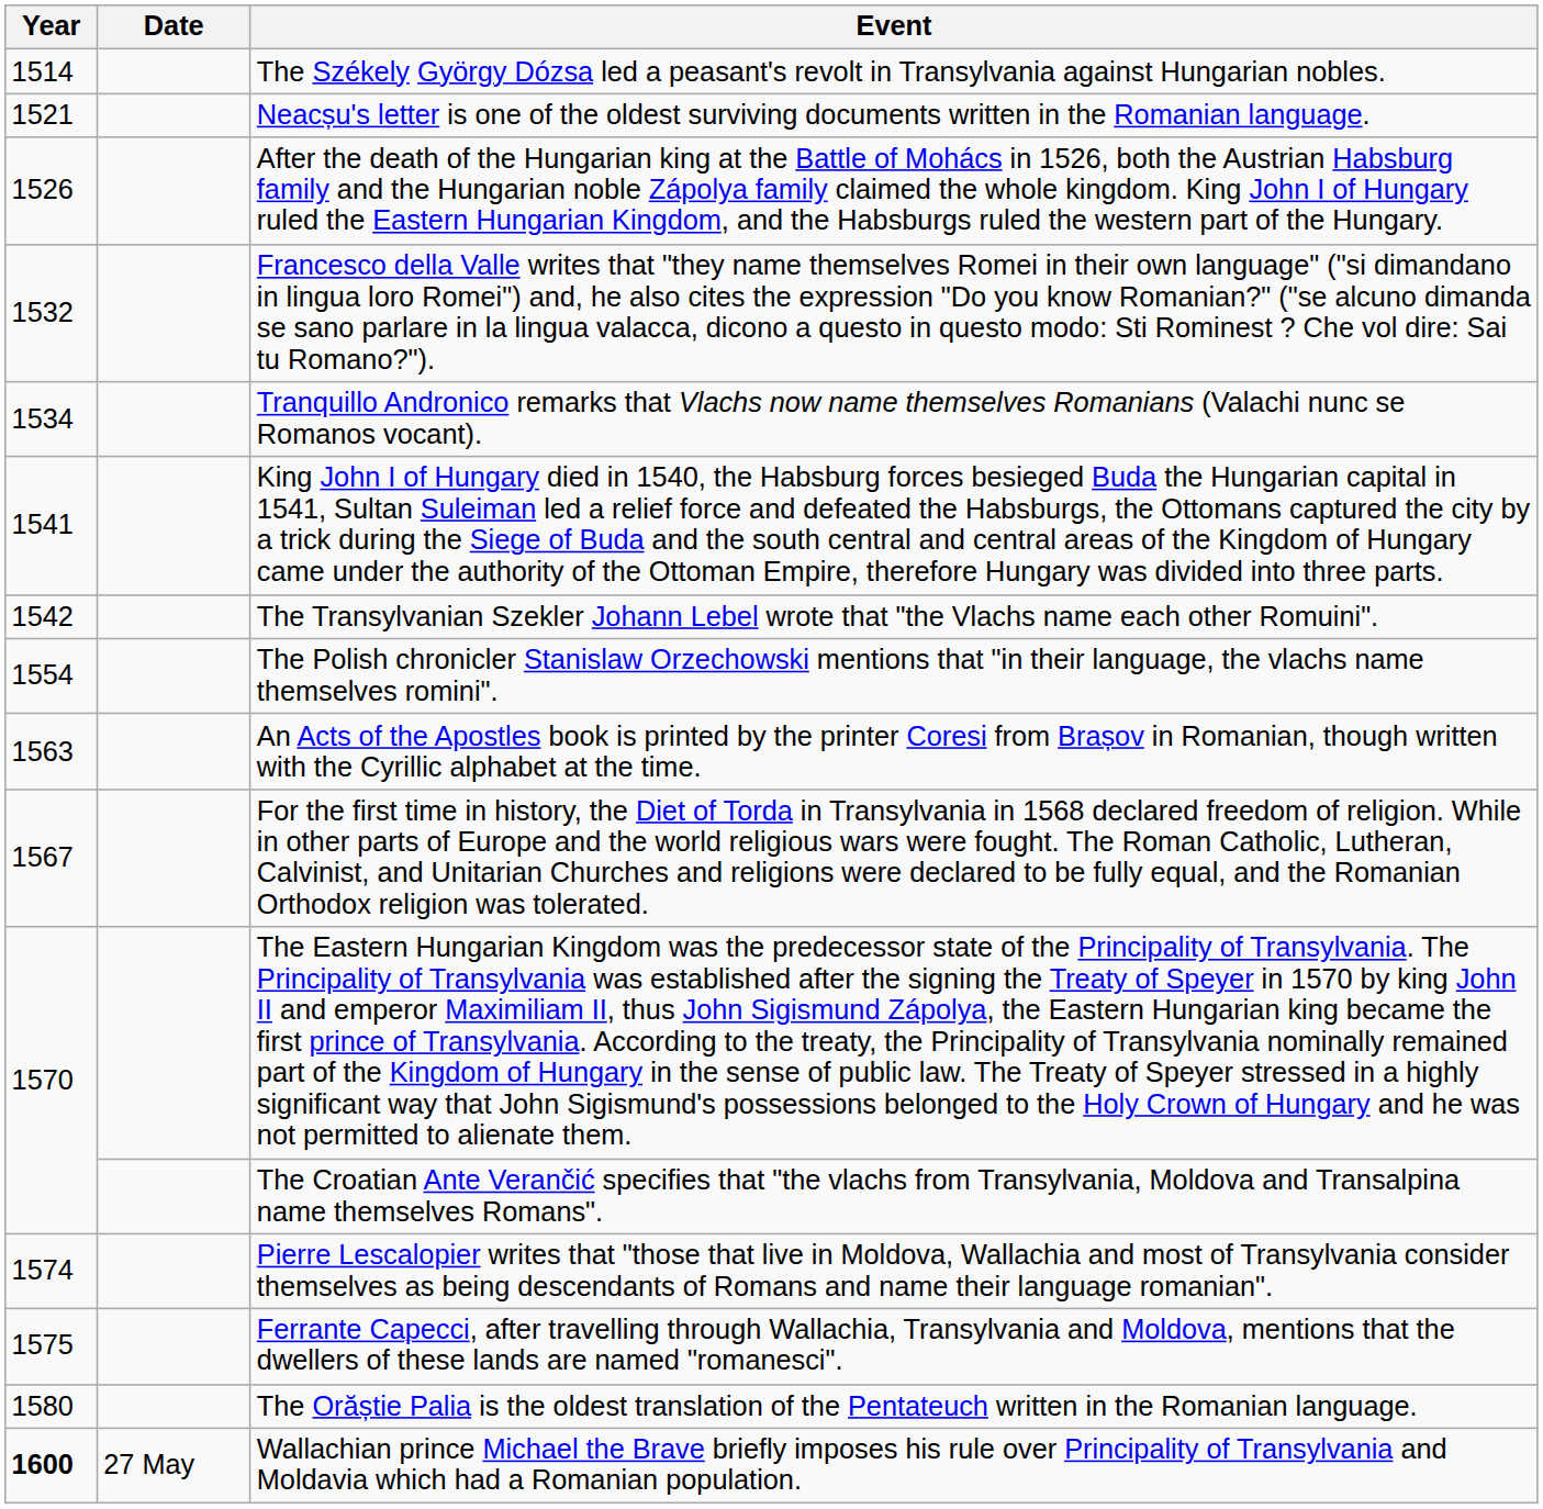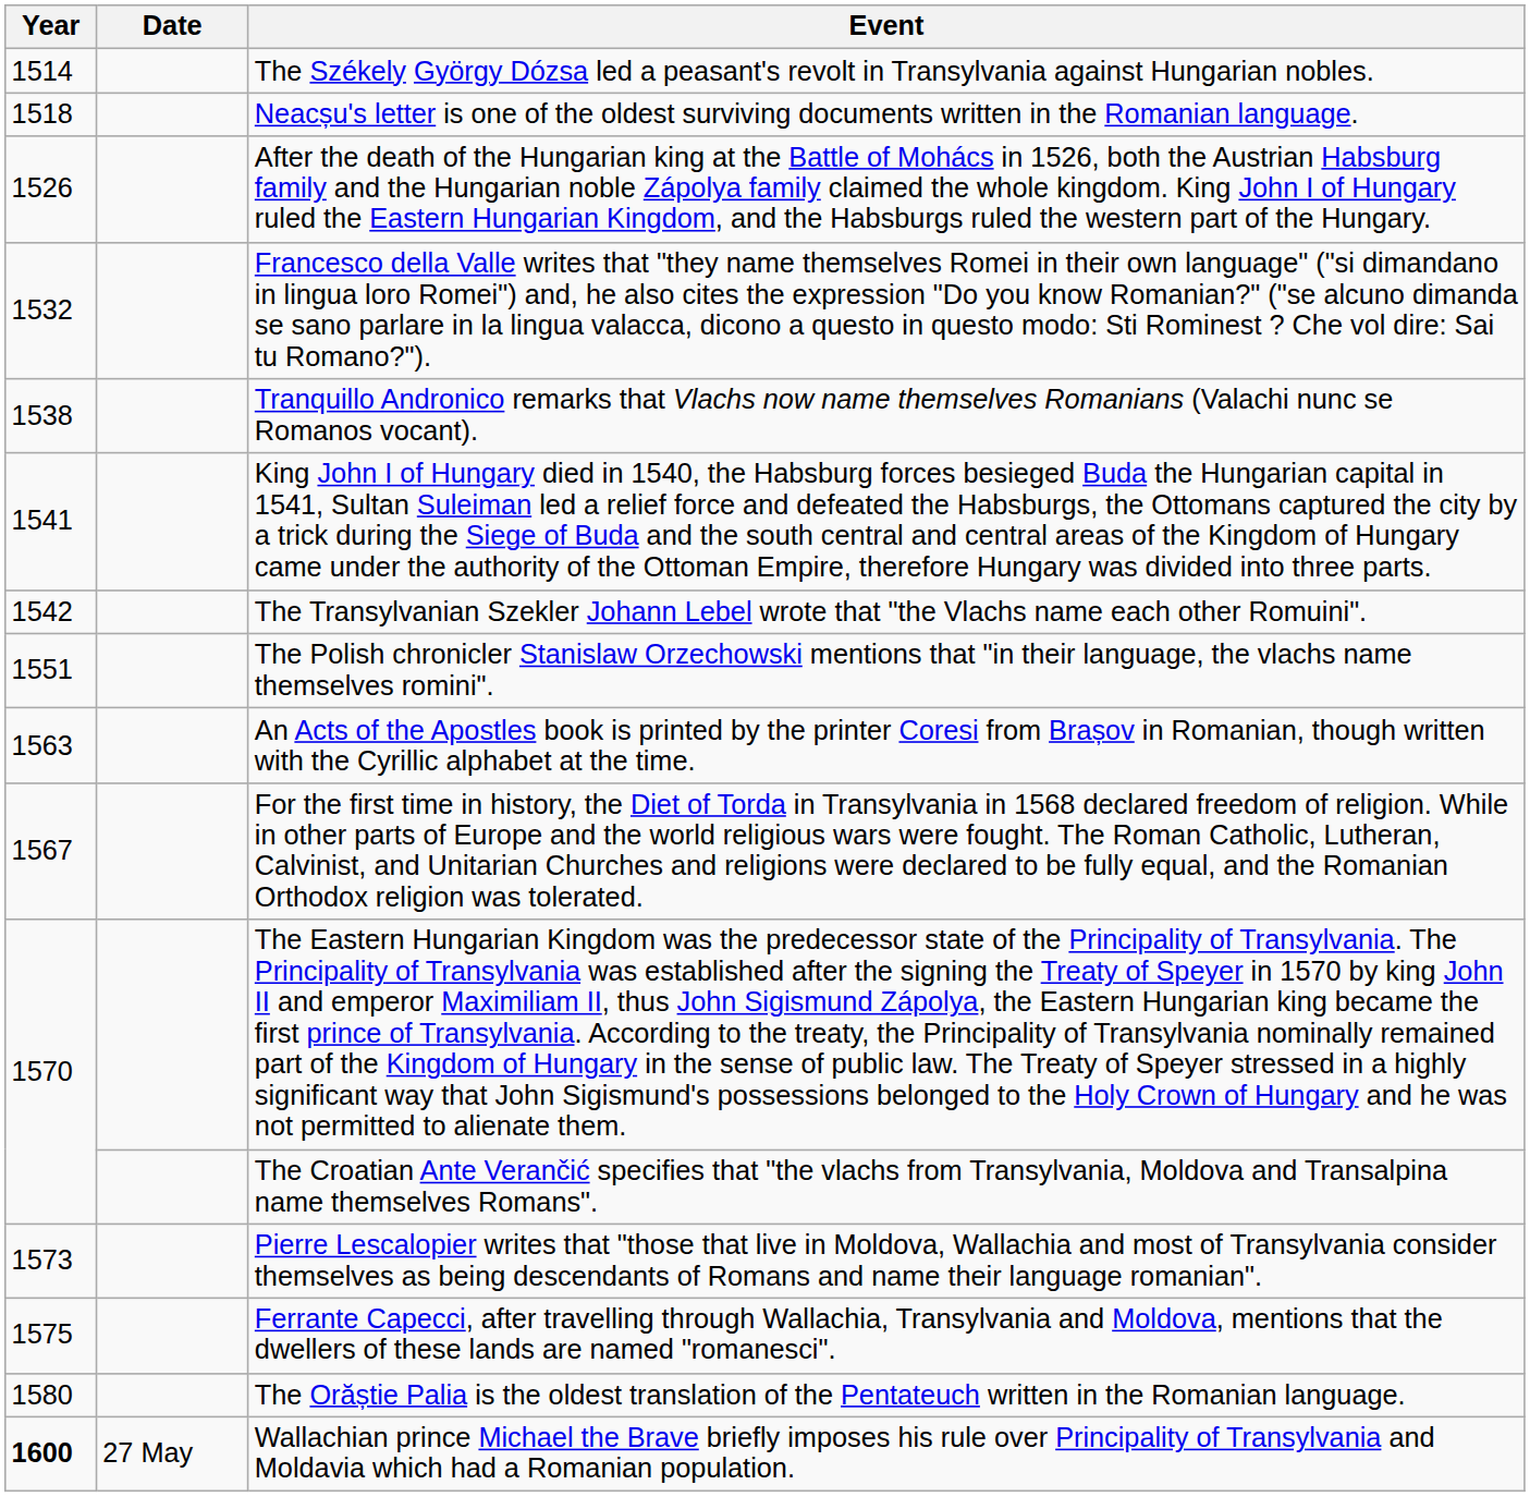 <table class="wikitable" width="100%">
 <tr>
 <th style="width:6%">Year</th>
 <th style="width:10%">Date</th>
 <th>Event</th>
 </tr>
 <tr>
 <td>1514</td>
 <td></td>
 <td>The <a href='#'>Székely</a> <a href='#'>György Dózsa</a> led a peasant's revolt in Transylvania against Hungarian nobles.</td>
 </tr>
 <tr>
-<td>1521</td>
+<td>1518</td>
 <td></td>
 <td><a href='#'>Neacșu's letter</a> is one of the oldest surviving documents written in the <a href='#'>Romanian language</a>.</td>
 </tr>
 <tr>
 <td>1526</td>
 <td></td>
 <td>After the death of the Hungarian king at the <a href='#'>Battle of Mohács</a> in 1526, both the Austrian <a href='#'>Habsburg family</a> and the Hungarian noble <a href='#'>Zápolya family</a> claimed the whole kingdom. King <a href='#'>John I of Hungary</a> ruled the <a href='#'>Eastern Hungarian Kingdom</a>, and the Habsburgs ruled the western part of the Hungary.</td>
 </tr>
 <tr>
 <td>1532</td>
 <td></td>
 <td><a href='#'>Francesco della Valle</a> writes that "they name themselves Romei in their own language" ("si dimandano in lingua loro Romei") and, he also cites the expression "Do you know Romanian?" ("se alcuno dimanda se sano parlare in la lingua valacca, dicono a questo in questo modo: Sti Rominest ? Che vol dire: Sai tu Romano?").</td>
 </tr>
 <tr>
-<td>1534</td>
+<td>1538</td>
 <td></td>
 <td><a href='#'>Tranquillo Andronico</a> remarks that <em>Vlachs now name themselves Romanians</em> (Valachi nunc se Romanos vocant).</td>
 </tr>
 <tr>
 <td>1541</td>
 <td></td>
 <td>King <a href='#'>John I of Hungary</a> died in 1540, the Habsburg forces besieged <a href='#'>Buda</a> the Hungarian capital in 1541, Sultan <a href='#'>Suleiman</a> led a relief force and defeated the Habsburgs, the Ottomans captured the city by a trick during the <a href='#'>Siege of Buda</a> and the south central and central areas of the Kingdom of Hungary came under the authority of the Ottoman Empire, therefore Hungary was divided into three parts.</td>
 </tr>
 <tr>
 <td>1542</td>
 <td></td>
 <td>The Transylvanian Szekler <a href='#'>Johann Lebel</a> wrote that "the Vlachs name each other Romuini".</td>
 </tr>
 <tr>
-<td>1554</td>
+<td>1551</td>
 <td></td>
 <td>The Polish chronicler <a href='#'>Stanislaw Orzechowski</a> mentions that "in their language, the vlachs name themselves romini".</td>
 </tr>
 <tr>
 <td>1563</td>
 <td></td>
 <td>An <a href='#'>Acts of the Apostles</a> book is printed by the printer <a href='#'>Coresi</a> from <a href='#'>Brașov</a> in Romanian, though written with the Cyrillic alphabet at the time.</td>
 </tr>
 <tr>
 <td>1567</td>
 <td></td>
 <td>For the first time in history, the <a href='#'>Diet of Torda</a> in Transylvania in 1568 declared freedom of religion. While in other parts of Europe and the world religious wars were fought. The Roman Catholic, Lutheran, Calvinist, and Unitarian Churches and religions were declared to be fully equal, and the Romanian Orthodox religion was tolerated.</td>
 </tr>
 <tr>
 <td rowspan="2">1570</td>
 <td></td>
 <td>The Eastern Hungarian Kingdom was the predecessor state of the <a href='#'>Principality of Transylvania</a>. The <a href='#'>Principality of Transylvania</a> was established after the signing the <a href='#'>Treaty of Speyer</a> in 1570 by king <a href='#'>John II</a> and emperor <a href='#'>Maximiliam II</a>, thus <a href='#'>John Sigismund Zápolya</a>, the Eastern Hungarian king became the first <a href='#'>prince of Transylvania</a>. According to the treaty, the Principality of Transylvania nominally remained part of the <a href='#'>Kingdom of Hungary</a> in the sense of public law. The Treaty of Speyer stressed in a highly significant way that John Sigismund's possessions belonged to the <a href='#'>Holy Crown of Hungary</a> and he was not permitted to alienate them.</td>
 </tr>
 <tr>
 <td></td>
 <td>The Croatian <a href='#'>Ante Verančić</a> specifies that "the vlachs from Transylvania, Moldova and Transalpina name themselves Romans".</td>
 </tr>
 <tr>
-<td>1574</td>
+<td>1573</td>
 <td></td>
 <td><a href='#'>Pierre Lescalopier</a> writes that "those that live in Moldova, Wallachia and most of Transylvania consider themselves as being descendants of Romans and name their language romanian".</td>
 </tr>
 <tr>
 <td>1575</td>
 <td></td>
 <td><a href='#'>Ferrante Capecci</a>, after travelling through Wallachia, Transylvania and <a href='#'>Moldova</a>, mentions that the dwellers of these lands are named "romanesci".</td>
 </tr>
 <tr>
 <td>1580</td>
 <td></td>
 <td>The <a href='#'>Orăștie Palia</a> is the oldest translation of the <a href='#'>Pentateuch</a> written in the Romanian language.</td>
 </tr>
 <tr>
 <td><strong>1600</strong></td>
 <td>27 May</td>
 <td>Wallachian prince <a href='#'>Michael the Brave</a> briefly imposes his rule over <a href='#'>Principality of Transylvania</a> and Moldavia which had a Romanian population.</td>
 </tr>
 </table>
